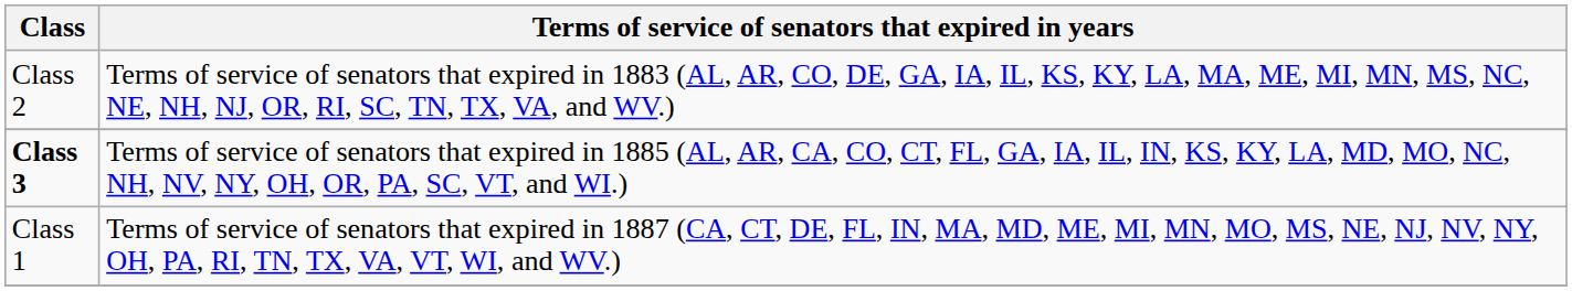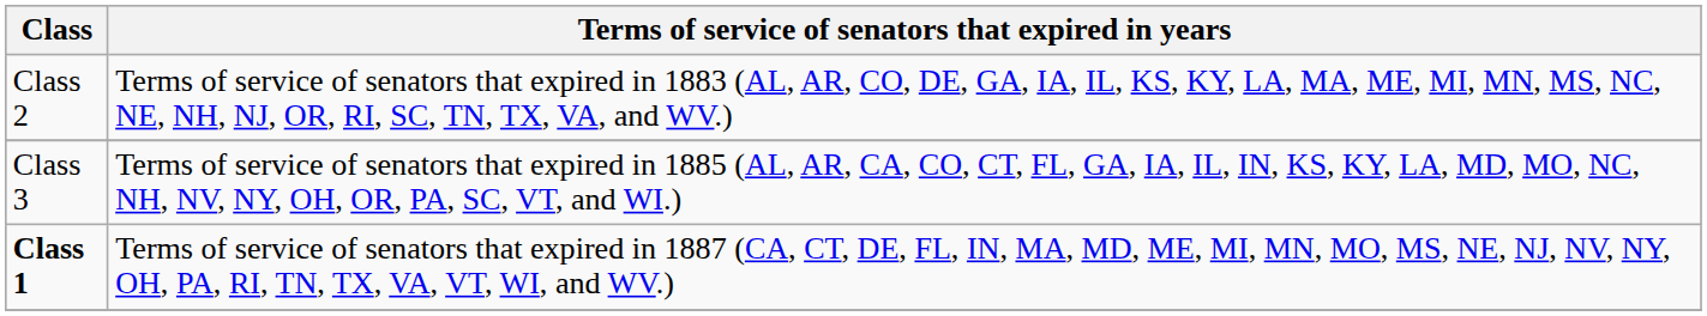 <table class="wikitable sortable">
 <tr valign=bottom>
 <th>Class</th>
 <th>Terms of service of senators that expired in years</th>
 </tr>
 <tr>
 <td>Class 2</td>
 <td>Terms of service of senators that expired in 1883 (<a href='#'>AL</a>, <a href='#'>AR</a>, <a href='#'>CO</a>, <a href='#'>DE</a>, <a href='#'>GA</a>, <a href='#'>IA</a>, <a href='#'>IL</a>, <a href='#'>KS</a>, <a href='#'>KY</a>, <a href='#'>LA</a>, <a href='#'>MA</a>, <a href='#'>ME</a>, <a href='#'>MI</a>, <a href='#'>MN</a>, <a href='#'>MS</a>, <a href='#'>NC</a>, <a href='#'>NE</a>, <a href='#'>NH</a>, <a href='#'>NJ</a>, <a href='#'>OR</a>, <a href='#'>RI</a>, <a href='#'>SC</a>, <a href='#'>TN</a>, <a href='#'>TX</a>, <a href='#'>VA</a>, and <a href='#'>WV</a>.)</td>
 </tr>
 <tr>
 </tr>
 <tr>
-<td><strong>Class 3</strong></td>
+<td>Class 3</td>
 <td>Terms of service of senators that expired in 1885 (<a href='#'>AL</a>, <a href='#'>AR</a>, <a href='#'>CA</a>, <a href='#'>CO</a>, <a href='#'>CT</a>, <a href='#'>FL</a>, <a href='#'>GA</a>, <a href='#'>IA</a>, <a href='#'>IL</a>, <a href='#'>IN</a>, <a href='#'>KS</a>, <a href='#'>KY</a>, <a href='#'>LA</a>, <a href='#'>MD</a>, <a href='#'>MO</a>, <a href='#'>NC</a>, <a href='#'>NH</a>, <a href='#'>NV</a>, <a href='#'>NY</a>, <a href='#'>OH</a>, <a href='#'>OR</a>, <a href='#'>PA</a>, <a href='#'>SC</a>, <a href='#'>VT</a>, and <a href='#'>WI</a>.)</td>
 </tr>
 <tr>
-<td>Class 1</td>
+<td><strong>Class 1</strong></td>
 <td>Terms of service of senators that expired in 1887 (<a href='#'>CA</a>, <a href='#'>CT</a>, <a href='#'>DE</a>, <a href='#'>FL</a>, <a href='#'>IN</a>, <a href='#'>MA</a>, <a href='#'>MD</a>, <a href='#'>ME</a>,  <a href='#'>MI</a>, <a href='#'>MN</a>, <a href='#'>MO</a>, <a href='#'>MS</a>, <a href='#'>NE</a>, <a href='#'>NJ</a>,  <a href='#'>NV</a>, <a href='#'>NY</a>, <a href='#'>OH</a>, <a href='#'>PA</a>, <a href='#'>RI</a>, <a href='#'>TN</a>, <a href='#'>TX</a>, <a href='#'>VA</a>, <a href='#'>VT</a>, <a href='#'>WI</a>, and <a href='#'>WV</a>.)</td>
 </tr>
 <tr>
 </tr>
 </table>
